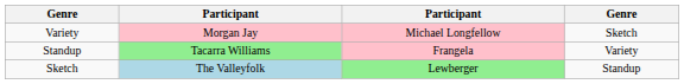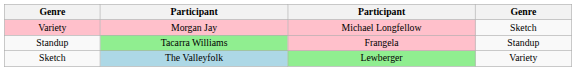 <table class="wikitable" style="text-align:center;">
 <tr>
 <th scope="col" style="width: 150px;">Genre</th>
 <th scope="col" style="width: 300px;">Participant</th>
 <th scope="col" style="width: 300px;">Participant</th>
 <th scope="col" style="width: 150px;">Genre</th>
 </tr>
 <tr>
-<td>Variety</td>
+<td style="background: pink;">Variety</td>
 <td style="background:pink;">Morgan Jay</td>
 <td style="background:pink;">Michael Longfellow</td>
 <td>Sketch</td>
 </tr>
 <tr>
 <td>Standup</td>
 <td style="background:lightgreen;">Tacarra Williams</td>
 <td style="background:pink;">Frangela</td>
-<td>Variety</td>
+<td>Standup</td>
 </tr>
 <tr>
 <td>Sketch</td>
 <td bgcolor=lightblue>The Valleyfolk</td>
 <td style="background:lightgreen;">Lewberger</td>
-<td>Standup</td>
+<td>Variety</td>
 </tr>
 </table>
